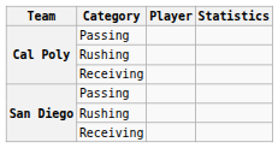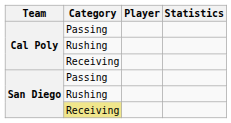 <table class="wikitable" style="float:right">
 <tr>
 <th>Team</th>
 <th>Category</th>
 <th>Player</th>
 <th>Statistics</th>
 </tr>
 <tr>
 <th rowspan=3>Cal Poly</th>
 <td>Passing</td>
 <td></td>
 <td></td>
 </tr>
 <tr>
 <td>Rushing</td>
 <td></td>
 <td></td>
 </tr>
 <tr>
 <td>Receiving</td>
 <td></td>
 <td></td>
 </tr>
 <tr>
 <th rowspan=3>San Diego</th>
 <td>Passing</td>
 <td></td>
 <td></td>
 </tr>
 <tr>
 <td>Rushing</td>
 <td></td>
 <td></td>
 </tr>
 <tr>
-<td>Receiving</td>
+<td style="background: khaki;">Receiving</td>
 <td></td>
 <td></td>
 </tr>
 </table>
